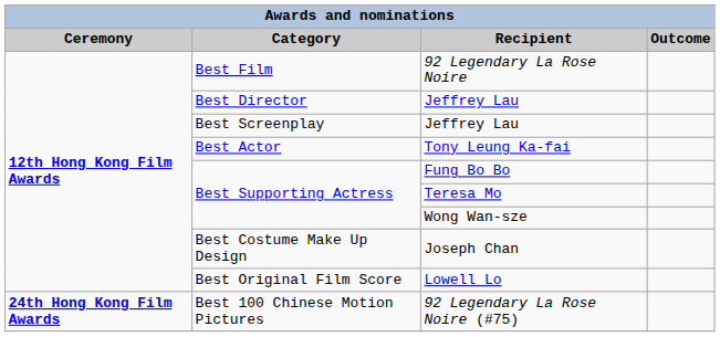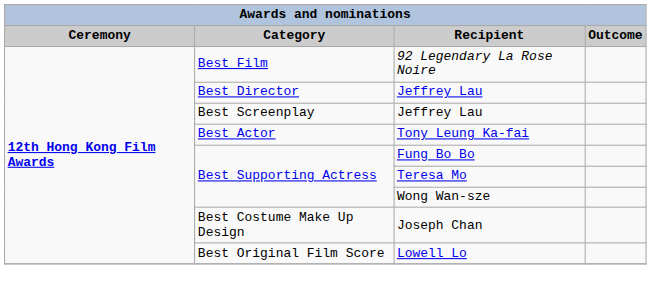 <table class="wikitable" style="font-size:95%;" ;>
 <tr style="background:#ccc; text-align:center;">
 <th colspan="4" style="background: LightSteelBlue;">Awards and nominations</th>
 </tr>
 <tr style="background:#ccc; text-align:center;">
 <th style="background:#ccc">Ceremony</th>
 <th style="background:#ccc">Category</th>
 <th style="background:#ccc">Recipient</th>
 <th style="background:#ccc">Outcome</th>
 </tr>
 <tr>
 <td rowspan=9><strong><a href='#'>12th Hong Kong Film Awards</a></strong></td>
 <td><a href='#'>Best Film</a></td>
 <td><em>92 Legendary La Rose Noire</em></td>
 <td></td>
 </tr>
 <tr>
 <td><a href='#'>Best Director</a></td>
 <td><a href='#'>Jeffrey Lau</a></td>
 <td></td>
 </tr>
 <tr>
 <td>Best Screenplay</td>
 <td>Jeffrey Lau</td>
 <td></td>
 </tr>
 <tr>
 <td><a href='#'>Best Actor</a></td>
 <td><a href='#'>Tony Leung Ka-fai</a></td>
 <td></td>
 </tr>
 <tr>
 <td rowspan=3><a href='#'>Best Supporting Actress</a></td>
 <td><a href='#'>Fung Bo Bo</a></td>
 <td></td>
 </tr>
 <tr>
 <td><a href='#'>Teresa Mo</a></td>
 <td></td>
 </tr>
 <tr>
 <td>Wong Wan-sze</td>
 <td></td>
 </tr>
 <tr>
 <td>Best Costume Make Up Design</td>
 <td>Joseph Chan</td>
 <td></td>
 </tr>
 <tr>
 <td>Best Original Film Score</td>
 <td><a href='#'>Lowell Lo</a></td>
 <td></td>
 </tr>
 <tr>
-<td><strong><a href='#'>24th Hong Kong Film Awards</a></strong></td>
-<td>Best 100 Chinese Motion Pictures</td>
-<td><em>92 Legendary La Rose Noire</em> (#75)</td>
-<td></td>
-</tr>
-<tr>
 </tr>
 </table>
